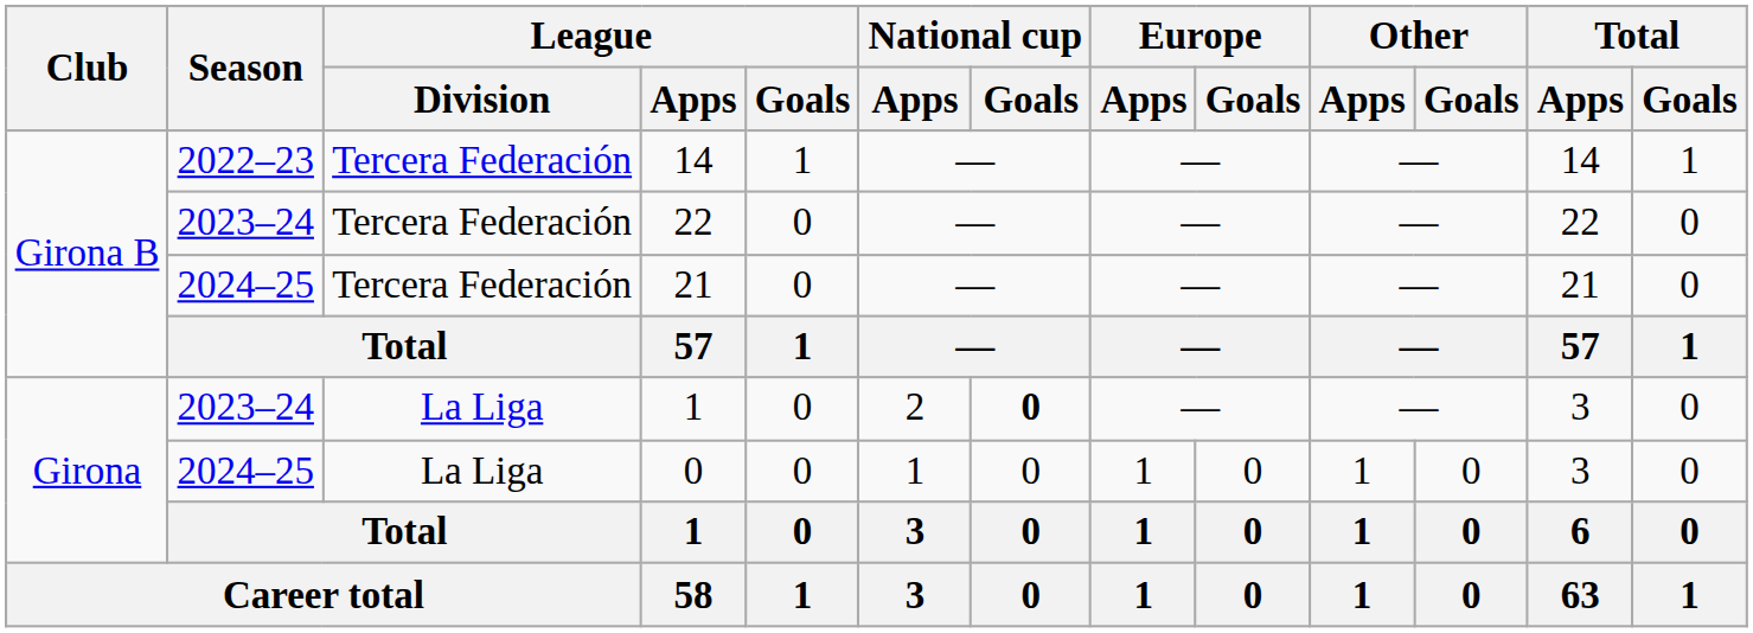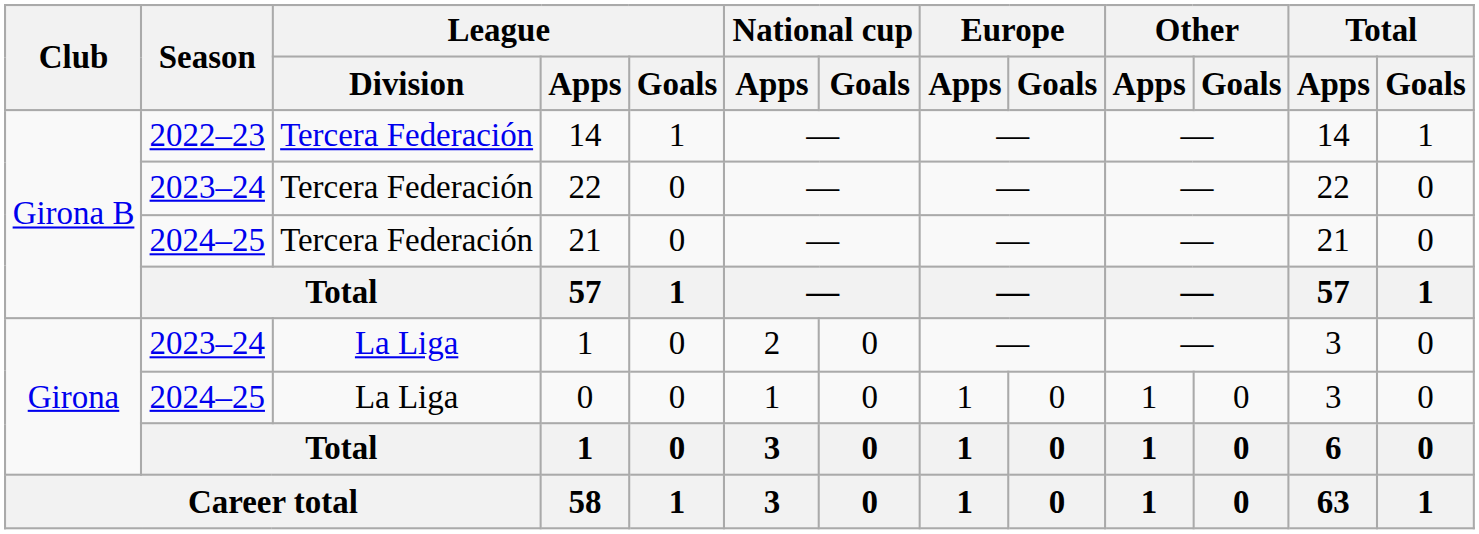 <table class="wikitable" style="text-align:center">
 <tr>
 <th rowspan="2">Club</th>
 <th rowspan="2">Season</th>
 <th colspan="3">League</th>
 <th colspan="2">National cup</th>
 <th colspan="2">Europe</th>
 <th colspan="2">Other</th>
 <th colspan="2">Total</th>
 </tr>
 <tr>
 <th>Division</th>
 <th>Apps</th>
 <th>Goals</th>
 <th>Apps</th>
 <th>Goals</th>
 <th>Apps</th>
 <th>Goals</th>
 <th>Apps</th>
 <th>Goals</th>
 <th>Apps</th>
 <th>Goals</th>
 </tr>
 <tr>
 <td rowspan="4"><a href='#'>Girona B</a></td>
 <td><a href='#'>2022–23</a></td>
 <td><a href='#'>Tercera Federación</a></td>
 <td>14</td>
 <td>1</td>
 <td colspan="2">—</td>
 <td colspan="2">—</td>
 <td colspan="2">—</td>
 <td>14</td>
 <td>1</td>
 </tr>
 <tr>
 <td><a href='#'>2023–24</a></td>
 <td>Tercera Federación</td>
 <td>22</td>
 <td>0</td>
 <td colspan="2">—</td>
 <td colspan="2">—</td>
 <td colspan="2">—</td>
 <td>22</td>
 <td>0</td>
 </tr>
 <tr>
 <td><a href='#'>2024–25</a></td>
 <td>Tercera Federación</td>
 <td>21</td>
 <td>0</td>
 <td colspan="2">—</td>
 <td colspan="2">—</td>
 <td colspan="2">—</td>
 <td>21</td>
 <td>0</td>
 </tr>
 <tr>
 <th colspan="2">Total</th>
 <th>57</th>
 <th>1</th>
 <th colspan="2">—</th>
 <th colspan="2">—</th>
 <th colspan="2">—</th>
 <th>57</th>
 <th>1</th>
 </tr>
 <tr>
 <td rowspan="3"><a href='#'>Girona</a></td>
 <td><a href='#'>2023–24</a></td>
 <td><a href='#'>La Liga</a></td>
 <td>1</td>
 <td>0</td>
 <td>2</td>
-<td><strong>0</strong></td>
+<td>0</td>
 <td colspan="2">—</td>
 <td colspan="2">—</td>
 <td>3</td>
 <td>0</td>
 </tr>
 <tr>
 <td><a href='#'>2024–25</a></td>
 <td>La Liga</td>
 <td>0</td>
 <td>0</td>
 <td>1</td>
 <td>0</td>
 <td>1</td>
 <td>0</td>
 <td>1</td>
 <td>0</td>
 <td>3</td>
 <td>0</td>
 </tr>
 <tr>
 <th colspan="2">Total</th>
 <th>1</th>
 <th>0</th>
 <th>3</th>
 <th>0</th>
 <th>1</th>
 <th>0</th>
 <th>1</th>
 <th>0</th>
 <th>6</th>
 <th>0</th>
 </tr>
 <tr>
 <th colspan="3">Career total</th>
 <th>58</th>
 <th>1</th>
 <th>3</th>
 <th>0</th>
 <th>1</th>
 <th>0</th>
 <th>1</th>
 <th>0</th>
 <th>63</th>
 <th>1</th>
 </tr>
 </table>
